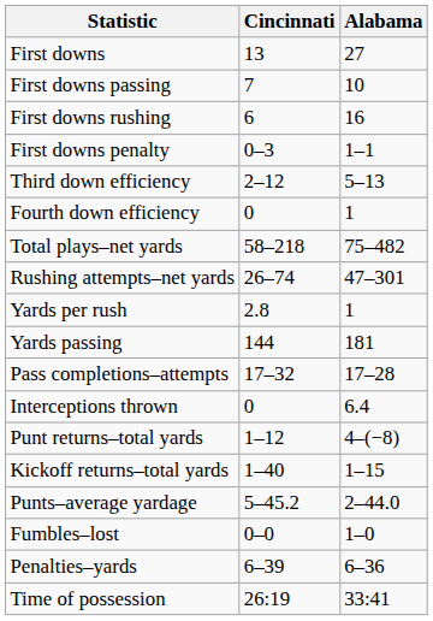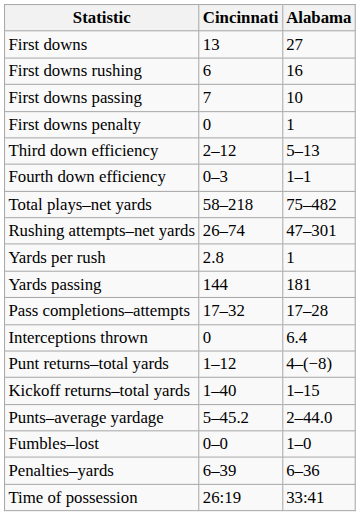 <table class="wikitable">
 <tr>
 <th>Statistic</th>
 <th><strong>Cincinnati</strong></th>
 <th><strong>Alabama</strong></th>
 </tr>
 <tr>
 <td>First downs</td>
 <td>13</td>
 <td>27</td>
 </tr>
 <tr>
+<td>First downs rushing</td>
+<td>6</td>
+<td>16</td>
+</tr>
+<tr>
 <td>First downs passing</td>
 <td>7</td>
 <td>10</td>
 </tr>
 <tr>
-<td>First downs rushing</td>
-<td>6</td>
-<td>16</td>
-</tr>
-<tr>
 <td>First downs penalty</td>
-<td>0–3</td>
-<td>1–1</td>
+<td>0</td>
+<td>1</td>
 </tr>
 <tr>
 <td>Third down efficiency</td>
 <td>2–12</td>
 <td>5–13</td>
 </tr>
 <tr>
 <td>Fourth down efficiency</td>
-<td>0</td>
-<td>1</td>
+<td>0–3</td>
+<td>1–1</td>
 </tr>
 <tr>
 <td>Total plays–net yards</td>
 <td>58–218</td>
 <td>75–482</td>
 </tr>
 <tr>
 <td>Rushing attempts–net yards</td>
 <td>26–74</td>
 <td>47–301</td>
 </tr>
 <tr>
 <td>Yards per rush</td>
 <td>2.8</td>
 <td>1</td>
 </tr>
 <tr>
 <td>Yards passing</td>
 <td>144</td>
 <td>181</td>
 </tr>
 <tr>
 <td>Pass completions–attempts</td>
 <td>17–32</td>
 <td>17–28</td>
 </tr>
 <tr>
 <td>Interceptions thrown</td>
 <td>0</td>
 <td>6.4</td>
 </tr>
 <tr>
 <td>Punt returns–total yards</td>
 <td>1–12</td>
 <td>4–(−8)</td>
 </tr>
 <tr>
 <td>Kickoff returns–total yards</td>
 <td>1–40</td>
 <td>1–15</td>
 </tr>
 <tr>
 <td>Punts–average yardage</td>
 <td>5–45.2</td>
 <td>2–44.0</td>
 </tr>
 <tr>
 <td>Fumbles–lost</td>
 <td>0–0</td>
 <td>1–0</td>
 </tr>
 <tr>
 <td>Penalties–yards</td>
 <td>6–39</td>
 <td>6–36</td>
 </tr>
 <tr>
 <td>Time of possession</td>
 <td>26:19</td>
 <td>33:41</td>
 </tr>
 </table>
